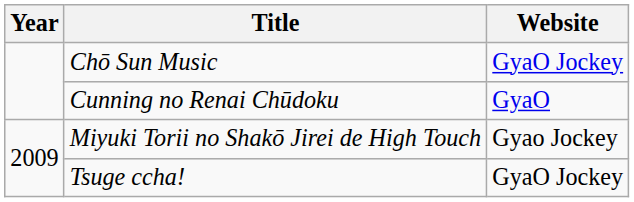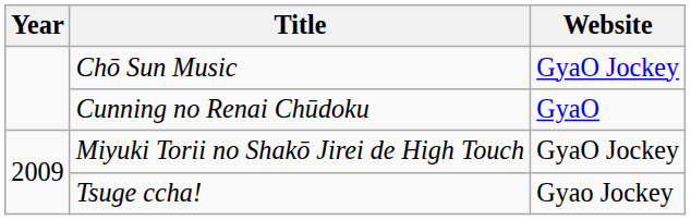 <table class="wikitable">
 <tr>
 <th>Year</th>
 <th>Title</th>
 <th>Website</th>
 </tr>
 <tr>
 <td rowspan="2"></td>
 <td><em>Chō Sun Music</em></td>
 <td><a href='#'>GyaO Jockey</a></td>
 </tr>
 <tr>
 <td><em>Cunning no Renai Chūdoku</em></td>
 <td><a href='#'>GyaO</a></td>
 </tr>
 <tr>
 <td rowspan="2">2009</td>
 <td><em>Miyuki Torii no Shakō Jirei de High Touch</em></td>
-<td>Gyao Jockey</td>
+<td>GyaO Jockey</td>
 </tr>
 <tr>
 <td><em>Tsuge ccha!</em></td>
-<td>GyaO Jockey</td>
+<td>Gyao Jockey</td>
 </tr>
 </table>
